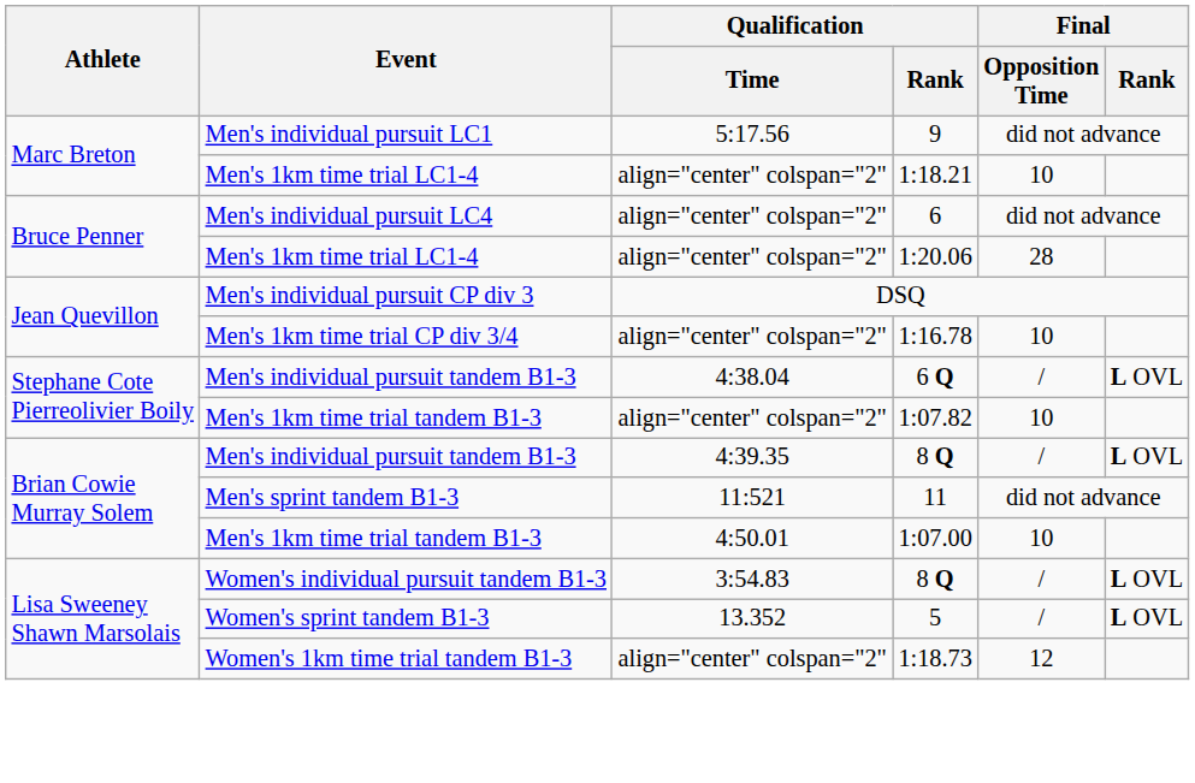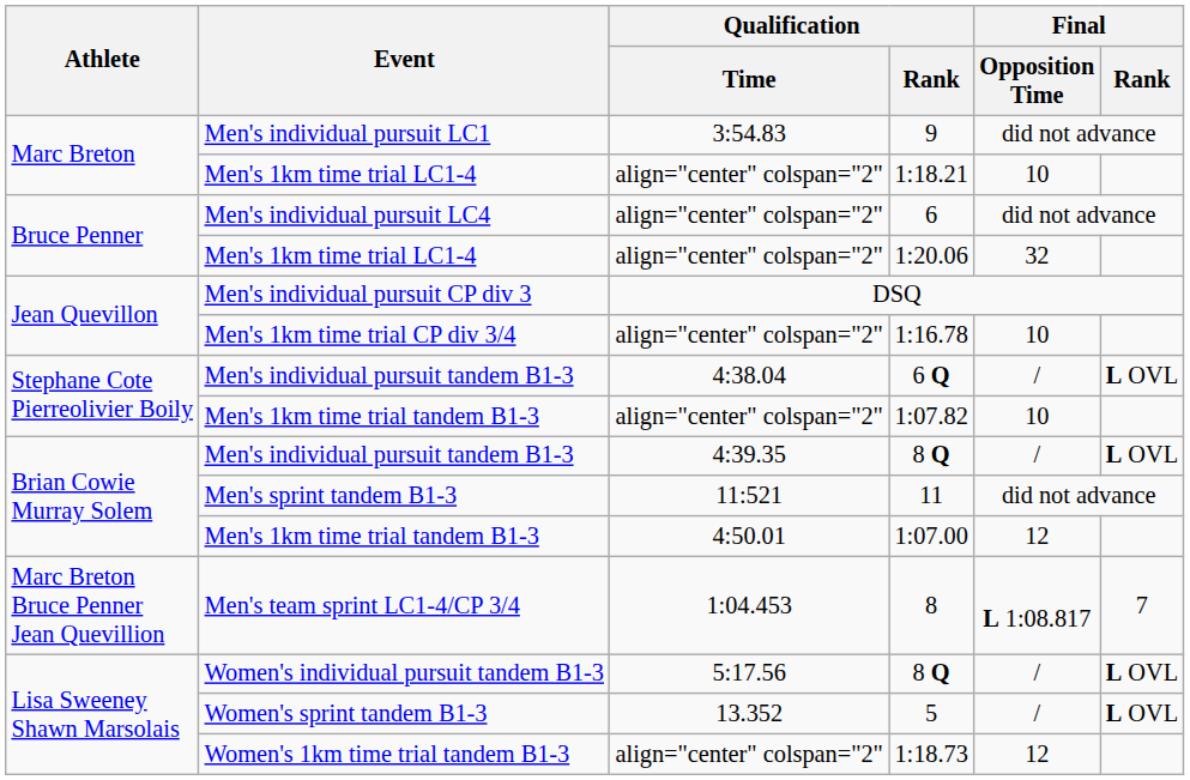 <table class=wikitable style="font-size:90%">
 <tr>
 <th rowspan="2">Athlete</th>
 <th rowspan="2">Event</th>
 <th colspan="2">Qualification</th>
 <th colspan="2">Final</th>
 </tr>
 <tr>
 <th>Time</th>
 <th>Rank</th>
 <th>Opposition<br>Time</th>
 <th>Rank</th>
 </tr>
 <tr>
 <td rowspan="2"><a href='#'>Marc Breton</a></td>
 <td><a href='#'>Men's individual pursuit LC1</a></td>
-<td align="center">5:17.56</td>
+<td align="center">3:54.83</td>
 <td align="center">9</td>
 <td align="center" colspan="2">did not advance</td>
 </tr>
 <tr>
 <td><a href='#'>Men's 1km time trial LC1-4</a></td>
 <td>align="center" colspan="2" </td>
 <td align="center">1:18.21</td>
 <td align="center">10</td>
 </tr>
 <tr>
 <td rowspan="2"><a href='#'>Bruce Penner</a></td>
 <td><a href='#'>Men's individual pursuit LC4</a></td>
 <td>align="center" colspan="2" </td>
 <td align="center">6</td>
 <td align="center" colspan="2">did not advance</td>
 </tr>
 <tr>
 <td><a href='#'>Men's 1km time trial LC1-4</a></td>
 <td>align="center" colspan="2" </td>
 <td align="center">1:20.06</td>
-<td align="center">28</td>
+<td align="center">32</td>
 </tr>
 <tr>
 <td rowspan="2"><a href='#'>Jean Quevillon</a></td>
 <td><a href='#'>Men's individual pursuit CP div 3</a></td>
 <td align="center" colspan="4">DSQ</td>
 </tr>
 <tr>
 <td><a href='#'>Men's 1km time trial CP div 3/4</a></td>
 <td>align="center" colspan="2" </td>
 <td align="center">1:16.78</td>
 <td align="center">10</td>
 </tr>
 <tr>
 <td rowspan="2"><a href='#'>Stephane Cote</a><br> <a href='#'>Pierreolivier Boily</a></td>
 <td><a href='#'>Men's individual pursuit tandem B1-3</a></td>
 <td align="center">4:38.04</td>
 <td align="center">6 <strong>Q</strong></td>
 <td align="center"> /<br> </td>
 <td align="center"><strong>L</strong> OVL</td>
 </tr>
 <tr>
 <td><a href='#'>Men's 1km time trial tandem B1-3</a></td>
 <td>align="center" colspan="2" </td>
 <td align="center">1:07.82</td>
 <td align="center">10</td>
 </tr>
 <tr>
 <td rowspan="3"><a href='#'>Brian Cowie</a><br> <a href='#'>Murray Solem</a></td>
 <td><a href='#'>Men's individual pursuit tandem B1-3</a></td>
 <td align="center">4:39.35</td>
 <td align="center">8 <strong>Q</strong></td>
 <td align="center"> /<br> </td>
 <td align="center"><strong>L</strong> OVL</td>
 </tr>
 <tr>
 <td><a href='#'>Men's sprint tandem B1-3</a></td>
 <td align="center">11:521</td>
 <td align="center">11</td>
 <td align="center" colspan="2">did not advance</td>
 </tr>
 <tr>
 <td><a href='#'>Men's 1km time trial tandem B1-3</a></td>
 <td align="center">4:50.01</td>
 <td align="center">1:07.00</td>
-<td align="center">10</td>
+<td align="center">12</td>
+</tr>
+<tr>
+<td><a href='#'>Marc Breton</a><br> <a href='#'>Bruce Penner</a><br> <a href='#'>Jean Quevillion</a></td>
+<td><a href='#'>Men's team sprint LC1-4/CP 3/4</a></td>
+<td align="center">1:04.453</td>
+<td align="center">8</td>
+<td align="center"><br> <strong>L</strong> 1:08.817</td>
+<td align="center">7</td>
 </tr>
 <tr>
 <td rowspan="3"><a href='#'>Lisa Sweeney</a><br> <a href='#'>Shawn Marsolais</a></td>
 <td><a href='#'>Women's individual pursuit tandem B1-3</a></td>
-<td align="center">3:54.83</td>
+<td align="center">5:17.56</td>
 <td align="center">8 <strong>Q</strong></td>
 <td align="center"> /<br> </td>
 <td align="center"><strong>L</strong> OVL</td>
 </tr>
 <tr>
 <td><a href='#'>Women's sprint tandem B1-3</a></td>
 <td align="center">13.352</td>
 <td align="center">5</td>
 <td align="center"> /<br> </td>
 <td align="center"><strong>L</strong> OVL</td>
 </tr>
 <tr>
 <td><a href='#'>Women's 1km time trial tandem B1-3</a></td>
 <td>align="center" colspan="2" </td>
 <td align="center">1:18.73</td>
 <td align="center">12</td>
 </tr>
 </table>
